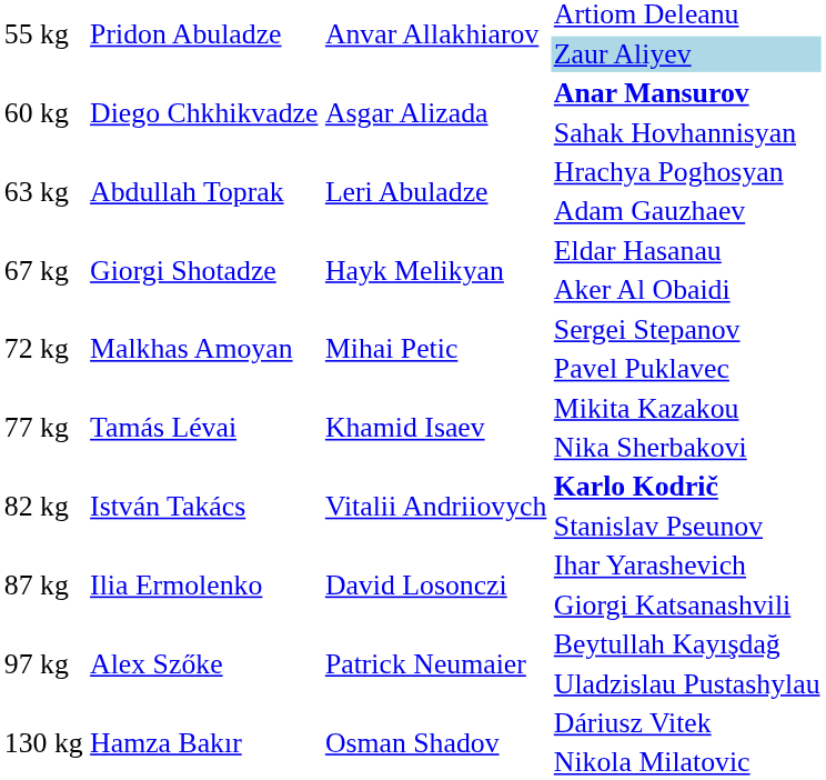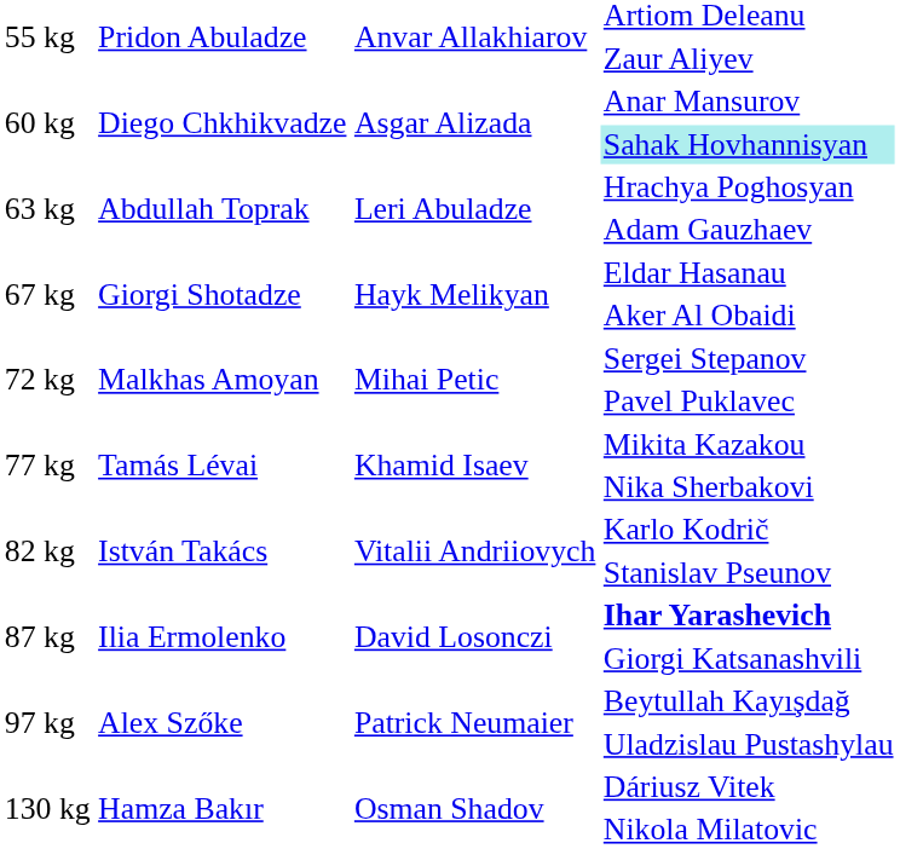 <table>
 <tr>
 <td rowspan=2>55 kg</td>
 <td rowspan=2> <a href='#'>Pridon Abuladze</a></td>
 <td rowspan=2> <a href='#'>Anvar Allakhiarov</a></td>
 <td> <a href='#'>Artiom Deleanu</a></td>
 </tr>
 <tr>
-<td style="background: lightblue;"> <a href='#'>Zaur Aliyev</a></td>
+<td> <a href='#'>Zaur Aliyev</a></td>
 </tr>
 <tr>
 <td rowspan=2>60 kg</td>
 <td rowspan=2> <a href='#'>Diego Chkhikvadze</a></td>
 <td rowspan=2> <a href='#'>Asgar Alizada</a></td>
-<td><strong> <a href='#'>Anar Mansurov</a></strong></td>
+<td> <a href='#'>Anar Mansurov</a></td>
 </tr>
 <tr>
-<td> <a href='#'>Sahak Hovhannisyan</a></td>
+<td style="background: paleturquoise;"> <a href='#'>Sahak Hovhannisyan</a></td>
 </tr>
 <tr>
 <td rowspan=2>63 kg</td>
 <td rowspan=2> <a href='#'>Abdullah Toprak</a></td>
 <td rowspan=2> <a href='#'>Leri Abuladze</a></td>
 <td> <a href='#'>Hrachya Poghosyan</a></td>
 </tr>
 <tr>
 <td> <a href='#'>Adam Gauzhaev</a></td>
 </tr>
 <tr>
 <td rowspan=2>67 kg</td>
 <td rowspan=2> <a href='#'>Giorgi Shotadze</a></td>
 <td rowspan=2> <a href='#'>Hayk Melikyan</a></td>
 <td> <a href='#'>Eldar Hasanau</a></td>
 </tr>
 <tr>
 <td> <a href='#'>Aker Al Obaidi</a></td>
 </tr>
 <tr>
 <td rowspan=2>72 kg</td>
 <td rowspan=2> <a href='#'>Malkhas Amoyan</a></td>
 <td rowspan=2> <a href='#'>Mihai Petic</a></td>
 <td> <a href='#'>Sergei Stepanov</a></td>
 </tr>
 <tr>
 <td> <a href='#'>Pavel Puklavec</a></td>
 </tr>
 <tr>
 <td rowspan=2>77 kg</td>
 <td rowspan=2> <a href='#'>Tamás Lévai</a></td>
 <td rowspan=2> <a href='#'>Khamid Isaev</a></td>
 <td> <a href='#'>Mikita Kazakou</a></td>
 </tr>
 <tr>
 <td> <a href='#'>Nika Sherbakovi</a></td>
 </tr>
 <tr>
 <td rowspan=2>82 kg</td>
 <td rowspan=2> <a href='#'>István Takács</a></td>
 <td rowspan=2> <a href='#'>Vitalii Andriiovych</a></td>
-<td><strong> <a href='#'>Karlo Kodrič</a></strong></td>
+<td> <a href='#'>Karlo Kodrič</a></td>
 </tr>
 <tr>
 <td> <a href='#'>Stanislav Pseunov</a></td>
 </tr>
 <tr>
 <td rowspan=2>87 kg</td>
 <td rowspan=2> <a href='#'>Ilia Ermolenko</a></td>
 <td rowspan=2> <a href='#'>David Losonczi</a></td>
-<td> <a href='#'>Ihar Yarashevich</a></td>
+<td><strong> <a href='#'>Ihar Yarashevich</a></strong></td>
 </tr>
 <tr>
 <td> <a href='#'>Giorgi Katsanashvili</a></td>
 </tr>
 <tr>
 <td rowspan=2>97 kg</td>
 <td rowspan=2> <a href='#'>Alex Szőke</a></td>
 <td rowspan=2> <a href='#'>Patrick Neumaier</a></td>
 <td> <a href='#'>Beytullah Kayışdağ</a></td>
 </tr>
 <tr>
 <td> <a href='#'>Uladzislau Pustashylau</a></td>
 </tr>
 <tr>
 <td rowspan=2>130 kg</td>
 <td rowspan=2> <a href='#'>Hamza Bakır</a></td>
 <td rowspan=2> <a href='#'>Osman Shadov</a></td>
 <td> <a href='#'>Dáriusz Vitek</a></td>
 </tr>
 <tr>
 <td> <a href='#'>Nikola Milatovic</a></td>
 </tr>
 </table>
